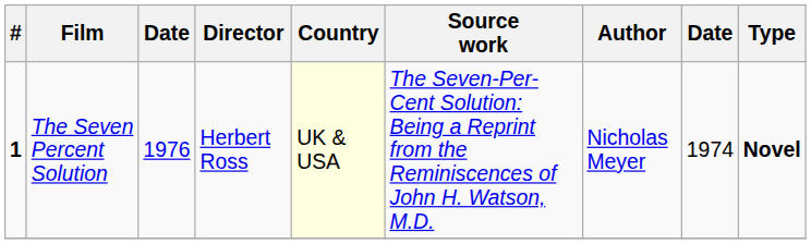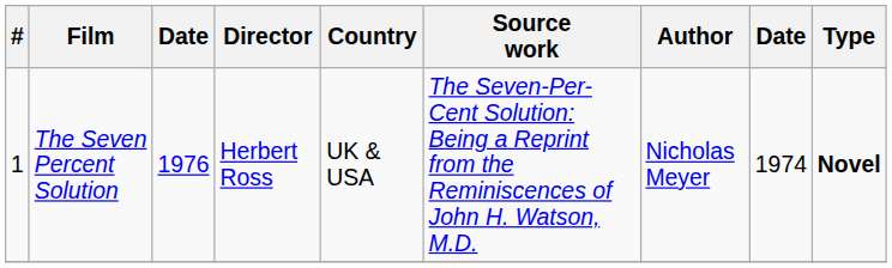 <table class="wikitable">
 <tr>
 <th>#</th>
 <th>Film</th>
 <th>Date</th>
 <th>Director</th>
 <th>Country</th>
 <th>Source<br>work</th>
 <th>Author</th>
 <th>Date</th>
 <th>Type</th>
 </tr>
 <tr>
-<td><strong>1</strong></td>
+<td>1</td>
 <td><em><a href='#'>The Seven Percent Solution</a></em></td>
 <td><a href='#'>1976</a></td>
 <td><a href='#'>Herbert Ross</a></td>
-<td style="background: lightyellow;">UK & USA</td>
+<td>UK & USA</td>
 <td><em><a href='#'>The Seven-Per-Cent Solution: Being a Reprint<br>from the Reminiscences of John H. Watson, M.D.</a></em></td>
 <td><a href='#'>Nicholas Meyer</a></td>
 <td>1974</td>
 <td><strong>Novel</strong></td>
 </tr>
 <tr>
 </tr>
 </table>
